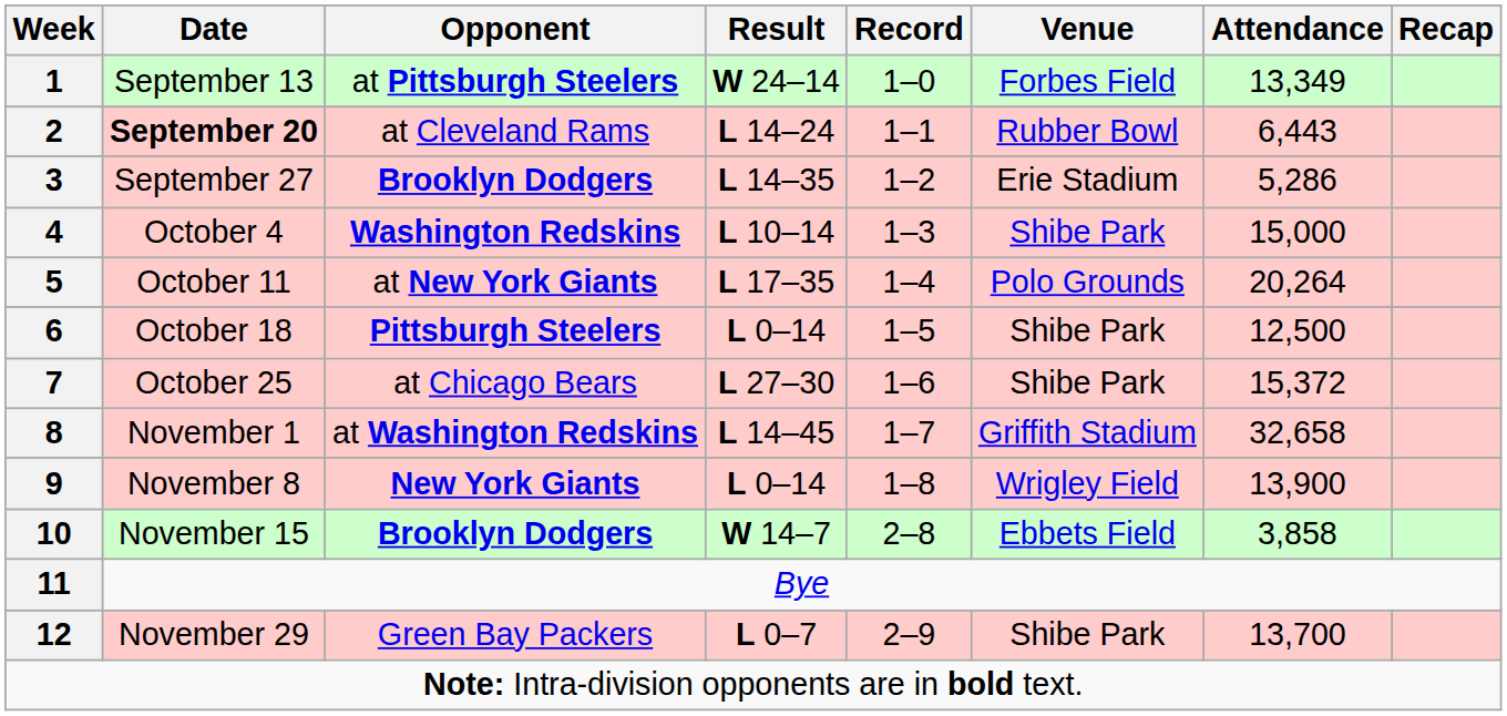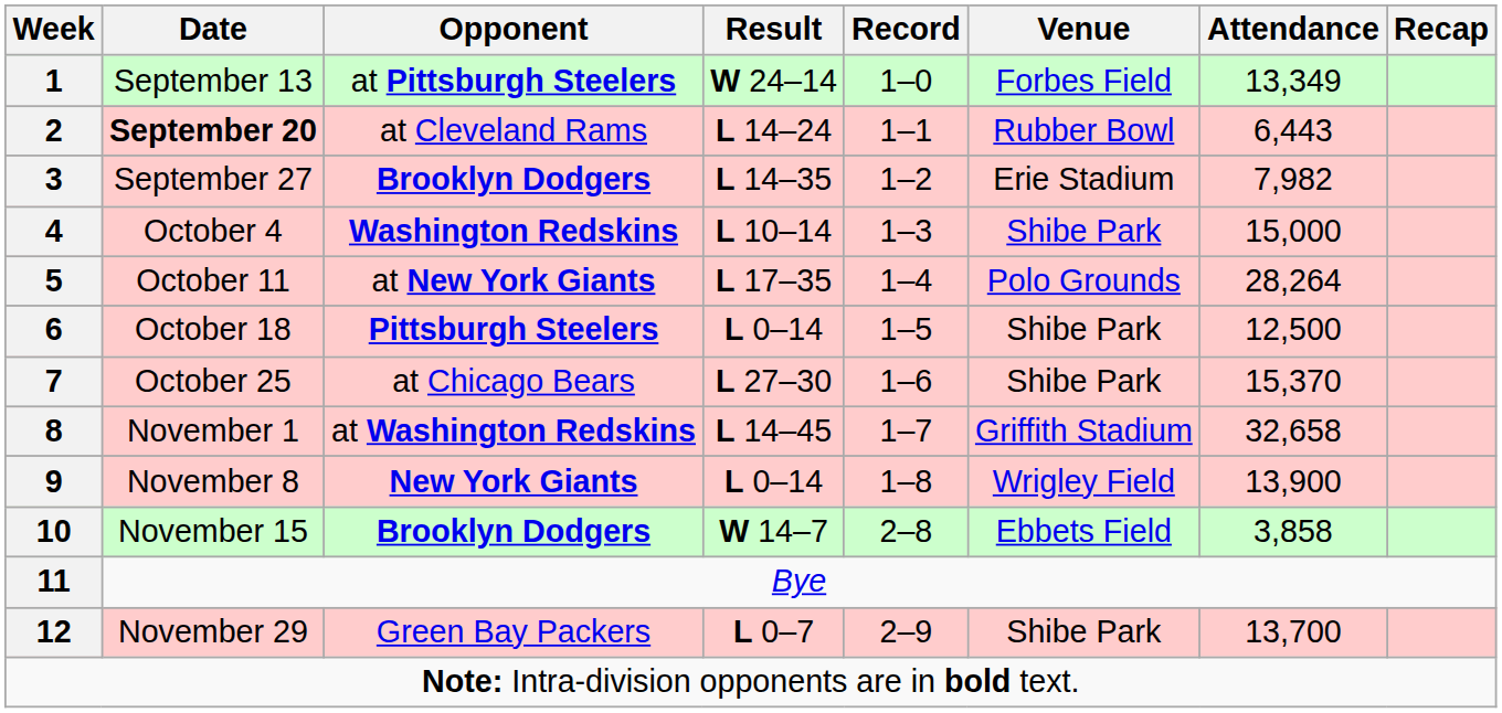 <table class="wikitable" style="text-align:center">
 <tr>
 <th>Week</th>
 <th>Date</th>
 <th>Opponent</th>
 <th>Result</th>
 <th>Record</th>
 <th>Venue</th>
 <th>Attendance</th>
 <th>Recap</th>
 </tr>
 <tr style="background:#cfc">
 <th>1</th>
 <td>September 13</td>
 <td>at <strong><a href='#'>Pittsburgh Steelers</a></strong></td>
 <td><strong>W</strong> 24–14</td>
 <td>1–0</td>
 <td><a href='#'>Forbes Field</a></td>
 <td>13,349</td>
 <td></td>
 </tr>
 <tr style="background:#fcc">
 <th>2</th>
 <td><strong>September 20</strong></td>
 <td>at <a href='#'>Cleveland Rams</a></td>
 <td><strong>L</strong> 14–24</td>
 <td>1–1</td>
 <td><a href='#'>Rubber Bowl</a></td>
 <td>6,443</td>
 <td></td>
 </tr>
 <tr style="background:#fcc">
 <th>3</th>
 <td>September 27</td>
 <td><strong><a href='#'>Brooklyn Dodgers</a></strong></td>
 <td><strong>L</strong> 14–35</td>
 <td>1–2</td>
 <td>Erie Stadium</td>
-<td>5,286</td>
+<td>7,982</td>
 <td></td>
 </tr>
 <tr style="background:#fcc">
 <th>4</th>
 <td>October 4</td>
 <td><strong><a href='#'>Washington Redskins</a></strong></td>
 <td><strong>L</strong> 10–14</td>
 <td>1–3</td>
 <td><a href='#'>Shibe Park</a></td>
 <td>15,000</td>
 <td></td>
 </tr>
 <tr style="background:#fcc">
 <th>5</th>
 <td>October 11</td>
 <td>at <strong><a href='#'>New York Giants</a></strong></td>
 <td><strong>L</strong> 17–35</td>
 <td>1–4</td>
 <td><a href='#'>Polo Grounds</a></td>
-<td>20,264</td>
+<td>28,264</td>
 <td></td>
 </tr>
 <tr style="background:#fcc">
 <th>6</th>
 <td>October 18</td>
 <td><strong><a href='#'>Pittsburgh Steelers</a></strong></td>
 <td><strong>L</strong> 0–14</td>
 <td>1–5</td>
 <td>Shibe Park</td>
 <td>12,500</td>
 <td></td>
 </tr>
 <tr style="background:#fcc">
 <th>7</th>
 <td>October 25</td>
 <td>at <a href='#'>Chicago Bears</a></td>
 <td><strong>L</strong> 27–30</td>
 <td>1–6</td>
 <td>Shibe Park</td>
-<td>15,372</td>
+<td>15,370</td>
 <td></td>
 </tr>
 <tr style="background:#fcc">
 <th>8</th>
 <td>November 1</td>
 <td>at <strong><a href='#'>Washington Redskins</a></strong></td>
 <td><strong>L</strong> 14–45</td>
 <td>1–7</td>
 <td><a href='#'>Griffith Stadium</a></td>
 <td>32,658</td>
 <td></td>
 </tr>
 <tr style="background:#fcc">
 <th>9</th>
 <td>November 8</td>
 <td><strong><a href='#'>New York Giants</a></strong></td>
 <td><strong>L</strong> 0–14</td>
 <td>1–8</td>
 <td><a href='#'>Wrigley Field</a></td>
 <td>13,900</td>
 <td></td>
 </tr>
 <tr style="background:#cfc">
 <th>10</th>
 <td>November 15</td>
 <td><strong><a href='#'>Brooklyn Dodgers</a></strong></td>
 <td><strong>W</strong> 14–7</td>
 <td>2–8</td>
 <td><a href='#'>Ebbets Field</a></td>
 <td>3,858</td>
 <td></td>
 </tr>
 <tr>
 <th>11</th>
 <td colspan="7"><em><a href='#'>Bye</a></em></td>
 </tr>
 <tr style="background:#fcc">
 <th>12</th>
 <td>November 29</td>
 <td><a href='#'>Green Bay Packers</a></td>
 <td><strong>L</strong> 0–7</td>
 <td>2–9</td>
 <td>Shibe Park</td>
 <td>13,700</td>
 <td></td>
 </tr>
 <tr>
 <td colspan="8"><strong>Note:</strong> Intra-division opponents are in <strong>bold</strong> text.</td>
 </tr>
 </table>
